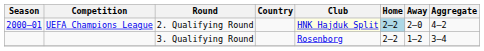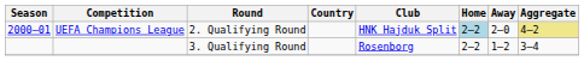 <table class="wikitable">
 <tr>
 <th>Season</th>
 <th>Competition</th>
 <th>Round</th>
 <th>Country</th>
 <th>Club</th>
 <th>Home</th>
 <th>Away</th>
 <th>Aggregate</th>
 </tr>
 <tr>
 <td><a href='#'>2000–01</a></td>
 <td><a href='#'>UEFA Champions League</a></td>
 <td>2. Qualifying Round</td>
 <td></td>
-<td style="background: lightyellow;"><a href='#'>HNK Hajduk Split</a></td>
+<td><a href='#'>HNK Hajduk Split</a></td>
 <td style="background: lightblue;">2–2</td>
 <td>2–0</td>
-<td>4–2</td>
+<td style="background: khaki;">4–2</td>
 </tr>
 <tr>
 <td></td>
 <td></td>
 <td>3. Qualifying Round</td>
 <td></td>
 <td><a href='#'>Rosenborg</a></td>
 <td>2–2</td>
 <td>1–2</td>
 <td>3–4</td>
 </tr>
 <tr>
 </tr>
 </table>
